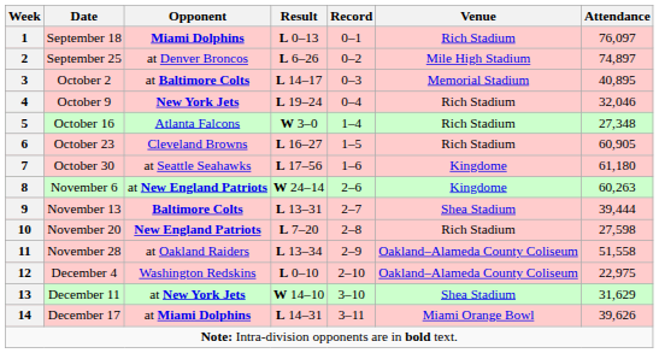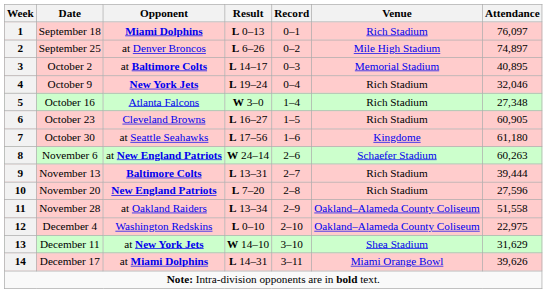 <table class="wikitable" style="text-align:center">
 <tr>
 <th>Week</th>
 <th>Date</th>
 <th>Opponent</th>
 <th>Result</th>
 <th>Record</th>
 <th>Venue</th>
 <th>Attendance</th>
 </tr>
 <tr style="background:#fcc">
 <th>1</th>
 <td>September 18</td>
 <td><strong><a href='#'>Miami Dolphins</a></strong></td>
 <td><strong>L</strong> 0–13</td>
 <td>0–1</td>
 <td><a href='#'>Rich Stadium</a></td>
 <td>76,097</td>
 </tr>
 <tr style="background:#fcc">
 <th>2</th>
 <td>September 25</td>
 <td>at <a href='#'>Denver Broncos</a></td>
 <td><strong>L</strong> 6–26</td>
 <td>0–2</td>
 <td><a href='#'>Mile High Stadium</a></td>
 <td>74,897</td>
 </tr>
 <tr style="background:#fcc">
 <th>3</th>
 <td>October 2</td>
 <td>at <strong><a href='#'>Baltimore Colts</a></strong></td>
 <td><strong>L</strong> 14–17</td>
 <td>0–3</td>
 <td><a href='#'>Memorial Stadium</a></td>
 <td>40,895</td>
 </tr>
 <tr style="background:#fcc">
 <th>4</th>
 <td>October 9</td>
 <td><strong><a href='#'>New York Jets</a></strong></td>
 <td><strong>L</strong> 19–24</td>
 <td>0–4</td>
 <td>Rich Stadium</td>
 <td>32,046</td>
 </tr>
 <tr style="background:#cfc">
 <th>5</th>
 <td>October 16</td>
 <td><a href='#'>Atlanta Falcons</a></td>
 <td><strong>W</strong> 3–0</td>
 <td>1–4</td>
 <td>Rich Stadium</td>
 <td>27,348</td>
 </tr>
 <tr style="background:#fcc">
 <th>6</th>
 <td>October 23</td>
 <td><a href='#'>Cleveland Browns</a></td>
 <td><strong>L</strong> 16–27</td>
 <td>1–5</td>
 <td>Rich Stadium</td>
 <td>60,905</td>
 </tr>
 <tr style="background:#fcc">
 <th>7</th>
 <td>October 30</td>
 <td>at <a href='#'>Seattle Seahawks</a></td>
 <td><strong>L</strong> 17–56</td>
 <td>1–6</td>
 <td><a href='#'>Kingdome</a></td>
 <td>61,180</td>
 </tr>
 <tr style="background:#cfc">
 <th>8</th>
 <td>November 6</td>
 <td>at <strong><a href='#'>New England Patriots</a></strong></td>
 <td><strong>W</strong> 24–14</td>
 <td>2–6</td>
-<td><a href='#'>Kingdome</a></td>
+<td><a href='#'>Schaefer Stadium</a></td>
 <td>60,263</td>
 </tr>
 <tr style="background:#fcc">
 <th>9</th>
 <td>November 13</td>
 <td><strong><a href='#'>Baltimore Colts</a></strong></td>
 <td><strong>L</strong> 13–31</td>
 <td>2–7</td>
-<td><a href='#'>Shea Stadium</a></td>
+<td>Rich Stadium</td>
 <td>39,444</td>
 </tr>
 <tr style="background:#fcc">
 <th>10</th>
 <td>November 20</td>
 <td><strong><a href='#'>New England Patriots</a></strong></td>
 <td><strong>L</strong> 7–20</td>
 <td>2–8</td>
 <td>Rich Stadium</td>
-<td>27,598</td>
+<td>27,596</td>
 </tr>
 <tr style="background:#fcc">
 <th>11</th>
 <td>November 28</td>
 <td>at <a href='#'>Oakland Raiders</a></td>
 <td><strong>L</strong> 13–34</td>
 <td>2–9</td>
 <td><a href='#'>Oakland–Alameda County Coliseum</a></td>
 <td>51,558</td>
 </tr>
 <tr style="background:#fcc">
 <th>12</th>
 <td>December 4</td>
 <td><a href='#'>Washington Redskins</a></td>
 <td><strong>L</strong> 0–10</td>
 <td>2–10</td>
 <td><a href='#'>Oakland–Alameda County Coliseum</a></td>
 <td>22,975</td>
 </tr>
 <tr style="background:#cfc">
 <th>13</th>
 <td>December 11</td>
 <td>at <strong><a href='#'>New York Jets</a></strong></td>
 <td><strong>W</strong> 14–10</td>
 <td>3–10</td>
 <td><a href='#'>Shea Stadium</a></td>
 <td>31,629</td>
 </tr>
 <tr style="background:#fcc">
 <th>14</th>
 <td>December 17</td>
 <td>at <strong><a href='#'>Miami Dolphins</a></strong></td>
 <td><strong>L</strong> 14–31</td>
 <td>3–11</td>
 <td><a href='#'>Miami Orange Bowl</a></td>
 <td>39,626</td>
 </tr>
 <tr>
 <td colspan="8"><strong>Note:</strong> Intra-division opponents are in <strong>bold</strong> text.</td>
 </tr>
 </table>
